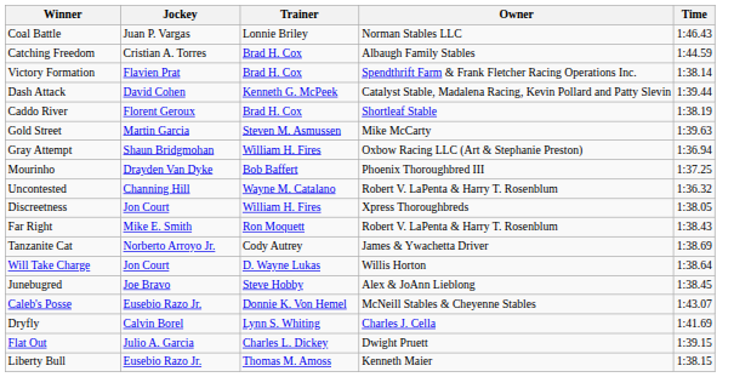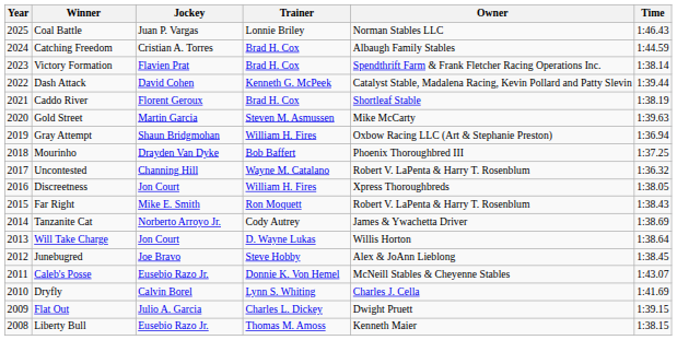 <table class="wikitable sortable" style="font-size:90%">
 <tr>
+<th style="width:30px">Year<br></th>
 <th style="width:135px">Winner<br></th>
 <th style="width:140px">Jockey<br></th>
 <th style="width:140px">Trainer<br></th>
 <th style="width:">Owner<br></th>
 <th style="width:30px">Time<br></th>
 </tr>
 <tr>
+<td>2025</td>
 <td>Coal Battle</td>
 <td>Juan P. Vargas</td>
 <td>Lonnie Briley</td>
 <td>Norman Stables LLC</td>
 <td>1:46.43</td>
 </tr>
 <tr>
+<td>2024</td>
 <td>Catching Freedom</td>
 <td>Cristian A. Torres</td>
 <td><a href='#'>Brad H. Cox</a></td>
 <td>Albaugh Family Stables</td>
 <td>1:44.59</td>
 </tr>
 <tr>
+<td>2023</td>
 <td>Victory Formation</td>
 <td><a href='#'>Flavien Prat</a></td>
 <td><a href='#'>Brad H. Cox</a></td>
 <td><a href='#'>Spendthrift Farm</a> & Frank Fletcher Racing Operations Inc.</td>
 <td>1:38.14</td>
 </tr>
 <tr>
+<td>2022</td>
 <td>Dash Attack</td>
 <td><a href='#'>David Cohen</a></td>
 <td><a href='#'>Kenneth G. McPeek</a></td>
 <td>Catalyst Stable, Madalena Racing, Kevin Pollard and Patty Slevin</td>
 <td>1:39.44</td>
 </tr>
 <tr>
+<td>2021</td>
 <td>Caddo River</td>
 <td><a href='#'>Florent Geroux</a></td>
 <td><a href='#'>Brad H. Cox</a></td>
 <td><a href='#'>Shortleaf Stable</a></td>
 <td>1:38.19</td>
 </tr>
 <tr>
+<td>2020</td>
 <td>Gold Street</td>
 <td><a href='#'>Martin Garcia</a></td>
 <td><a href='#'>Steven M. Asmussen</a></td>
 <td>Mike McCarty</td>
 <td>1:39.63</td>
 </tr>
 <tr>
+<td>2019</td>
 <td>Gray Attempt</td>
 <td><a href='#'>Shaun Bridgmohan</a></td>
 <td><a href='#'>William H. Fires</a></td>
 <td>Oxbow Racing LLC (Art & Stephanie Preston)</td>
 <td>1:36.94</td>
 </tr>
 <tr>
+<td>2018</td>
 <td>Mourinho</td>
 <td><a href='#'>Drayden Van Dyke</a></td>
 <td><a href='#'>Bob Baffert</a></td>
 <td>Phoenix Thoroughbred III</td>
 <td>1:37.25</td>
 </tr>
 <tr>
+<td>2017</td>
 <td>Uncontested</td>
 <td><a href='#'>Channing Hill</a></td>
 <td><a href='#'>Wayne M. Catalano</a></td>
 <td>Robert V. LaPenta & Harry T. Rosenblum</td>
 <td>1:36.32</td>
 </tr>
 <tr>
+<td>2016</td>
 <td>Discreetness</td>
 <td><a href='#'>Jon Court</a></td>
 <td><a href='#'>William H. Fires</a></td>
 <td>Xpress Thoroughbreds</td>
 <td>1:38.05</td>
 </tr>
 <tr>
+<td>2015</td>
 <td>Far Right</td>
 <td><a href='#'>Mike E. Smith</a></td>
 <td><a href='#'>Ron Moquett</a></td>
 <td>Robert V. LaPenta & Harry T. Rosenblum</td>
 <td>1:38.43</td>
 </tr>
 <tr>
+<td>2014</td>
 <td>Tanzanite Cat</td>
 <td><a href='#'>Norberto Arroyo Jr.</a></td>
 <td>Cody Autrey</td>
 <td>James & Ywachetta Driver</td>
 <td>1:38.69</td>
 </tr>
 <tr>
+<td>2013</td>
 <td><a href='#'>Will Take Charge</a></td>
 <td><a href='#'>Jon Court</a></td>
 <td><a href='#'>D. Wayne Lukas</a></td>
 <td>Willis Horton</td>
 <td>1:38.64</td>
 </tr>
 <tr>
+<td>2012</td>
 <td>Junebugred</td>
 <td><a href='#'>Joe Bravo</a></td>
 <td><a href='#'>Steve Hobby</a></td>
 <td>Alex & JoAnn Lieblong</td>
 <td>1:38.45</td>
 </tr>
 <tr>
+<td>2011</td>
 <td><a href='#'>Caleb's Posse</a></td>
 <td><a href='#'>Eusebio Razo Jr.</a></td>
 <td><a href='#'>Donnie K. Von Hemel</a></td>
 <td>McNeill Stables & Cheyenne Stables</td>
 <td>1:43.07</td>
 </tr>
 <tr>
+<td>2010</td>
 <td>Dryfly</td>
 <td><a href='#'>Calvin Borel</a></td>
 <td><a href='#'>Lynn S. Whiting</a></td>
 <td><a href='#'>Charles J. Cella</a></td>
 <td>1:41.69</td>
 </tr>
 <tr>
+<td>2009</td>
 <td><a href='#'>Flat Out</a></td>
 <td><a href='#'>Julio A. Garcia</a></td>
 <td><a href='#'>Charles L. Dickey</a></td>
 <td>Dwight Pruett</td>
 <td>1:39.15</td>
 </tr>
 <tr>
+<td>2008</td>
 <td>Liberty Bull</td>
 <td><a href='#'>Eusebio Razo Jr.</a></td>
 <td><a href='#'>Thomas M. Amoss</a></td>
 <td>Kenneth Maier</td>
 <td>1:38.15</td>
 </tr>
 </table>
